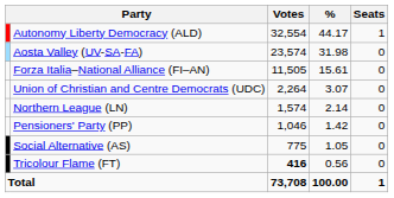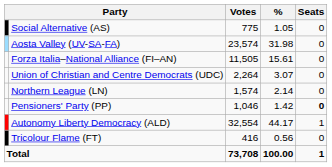 <table class=wikitable style="text-align:right">
 <tr>
 <th colspan=2>Party</th>
 <th>Votes</th>
 <th>%</th>
 <th>Seats</th>
 </tr>
 <tr>
-<td bgcolor="red"></td>
-<td align="left"><a href='#'>Autonomy Liberty Democracy</a> (ALD)</td>
-<td align="right">32,554</td>
-<td align="right">44.17</td>
-<td align="right">1</td>
+<td bgcolor="black"></td>
+<td align="left"><a href='#'>Social Alternative</a> (AS)</td>
+<td align="right">775</td>
+<td align="right">1.05</td>
+<td align="right">0</td>
 </tr>
 <tr>
 <td bgcolor="#9BDDFF"></td>
 <td align="left"><a href='#'>Aosta Valley</a> (<a href='#'>UV</a>-<a href='#'>SA</a>-<a href='#'>FA</a>)</td>
 <td align="right">23,574</td>
 <td align="right">31.98</td>
 <td align="right">0</td>
 </tr>
 <tr>
 <td></td>
 <td align="left"><a href='#'>Forza Italia</a>–<a href='#'>National Alliance</a> (FI–AN)</td>
 <td align="right">11,505</td>
 <td align="right">15.61</td>
 <td align="right">0</td>
 </tr>
 <tr>
 <td></td>
 <td align="left"><a href='#'>Union of Christian and Centre Democrats</a> (UDC)</td>
 <td align="right">2,264</td>
 <td align="right">3.07</td>
 <td align="right">0</td>
 </tr>
 <tr>
 <td></td>
 <td align="left"><a href='#'>Northern League</a> (LN)</td>
 <td align="right">1,574</td>
 <td align="right">2.14</td>
 <td align="right">0</td>
 </tr>
 <tr>
 <td></td>
 <td align="left"><a href='#'>Pensioners' Party</a> (PP)</td>
 <td align="right">1,046</td>
 <td align="right">1.42</td>
-<td align="right">0</td>
+<td align="right"><strong>0</strong></td>
 </tr>
 <tr>
-<td bgcolor="black"></td>
-<td align="left"><a href='#'>Social Alternative</a> (AS)</td>
-<td align="right">775</td>
-<td align="right">1.05</td>
-<td align="right">0</td>
+<td bgcolor="red"></td>
+<td align="left"><a href='#'>Autonomy Liberty Democracy</a> (ALD)</td>
+<td align="right">32,554</td>
+<td align="right">44.17</td>
+<td align="right">1</td>
 </tr>
 <tr>
 <td bgcolor="black"></td>
 <td align="left"><a href='#'>Tricolour Flame</a> (FT)</td>
-<td align="right"><strong>416</strong></td>
+<td align="right">416</td>
 <td align="right">0.56</td>
 <td align="right">0</td>
 </tr>
 <tr>
 <td align="left" colspan=2><strong>Total</strong></td>
 <td align="right"><strong>73,708</strong></td>
 <td align="right"><strong>100.00</strong></td>
 <td align="right"><strong>1</strong></td>
 </tr>
 </table>
